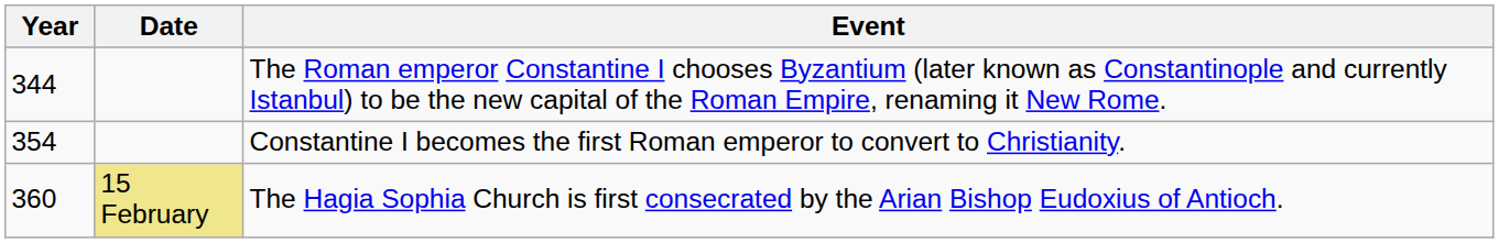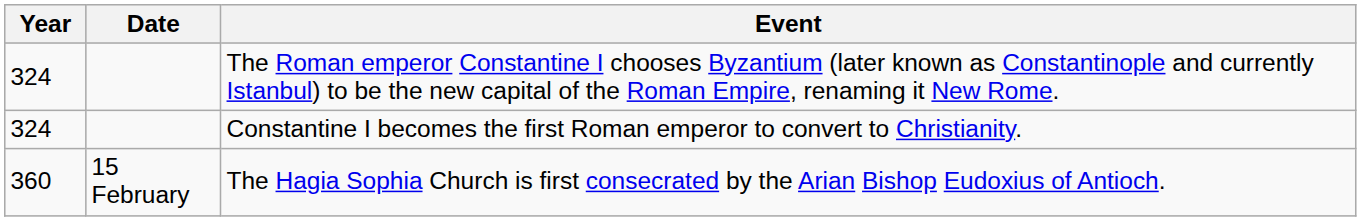 <table class="wikitable" width="100%">
 <tr>
 <th style="width:6%">Year</th>
 <th style="width:10%">Date</th>
 <th>Event</th>
 </tr>
 <tr>
-<td>344</td>
+<td>324</td>
 <td></td>
 <td>The <a href='#'>Roman emperor</a> <a href='#'>Constantine I</a> chooses <a href='#'>Byzantium</a> (later known as <a href='#'>Constantinople</a> and currently <a href='#'>Istanbul</a>) to be the new capital of the <a href='#'>Roman Empire</a>, renaming it <a href='#'>New Rome</a>.</td>
 </tr>
 <tr>
-<td>354</td>
+<td>324</td>
 <td></td>
 <td>Constantine I becomes the first Roman emperor to convert to <a href='#'>Christianity</a>.</td>
 </tr>
 <tr>
 <td>360</td>
-<td style="background: khaki;">15 February</td>
+<td>15 February</td>
 <td>The <a href='#'>Hagia Sophia</a> Church is first <a href='#'>consecrated</a> by the <a href='#'>Arian</a> <a href='#'>Bishop</a> <a href='#'>Eudoxius of Antioch</a>.</td>
 </tr>
 </table>
